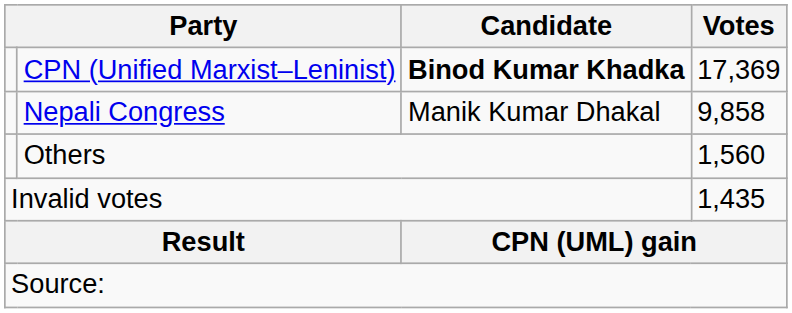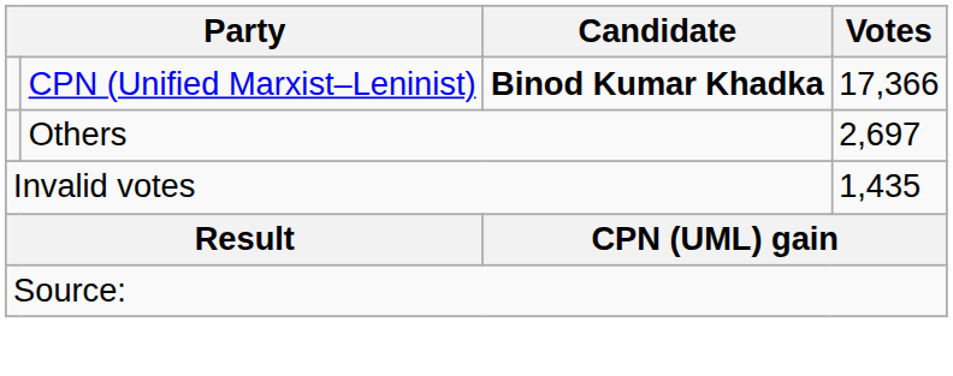 <table class="wikitable">
 <tr>
 <th colspan="2">Party</th>
 <th>Candidate</th>
 <th>Votes</th>
 </tr>
 <tr>
 <td style="background-color:"></td>
 <td><a href='#'>CPN (Unified Marxist–Leninist)</a></td>
 <td><strong>Binod Kumar Khadka</strong></td>
-<td>17,369</td>
-</tr>
-<tr>
-<td style="background-color:"></td>
-<td><a href='#'>Nepali Congress</a></td>
-<td>Manik Kumar Dhakal</td>
-<td>9,858</td>
+<td>17,366</td>
 </tr>
 <tr>
 <td></td>
 <td colspan="2">Others</td>
-<td>1,560</td>
+<td>2,697</td>
 </tr>
 <tr>
 <td colspan="3">Invalid votes</td>
 <td>1,435</td>
 </tr>
 <tr>
 <th colspan="2">Result</th>
 <th colspan="2">CPN (UML) gain</th>
 </tr>
 <tr>
 <td colspan="4">Source: </td>
 </tr>
 </table>
